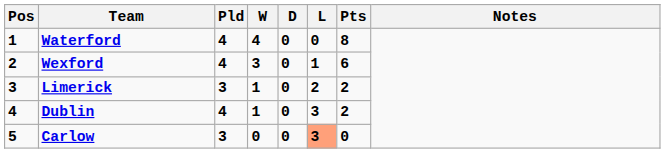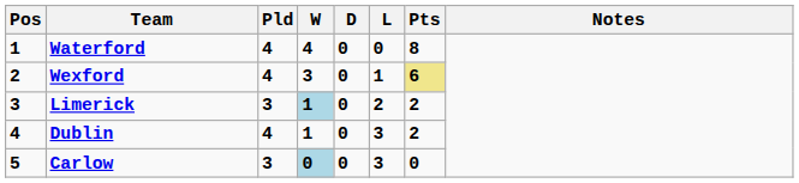 <table class="wikitable" style="text-align: centre;">
 <tr>
 <th width=20>Pos</th>
 <th width=150>Team</th>
 <th width=20>Pld</th>
 <th width=20>W</th>
 <th width=20>D</th>
 <th width=20>L</th>
 <th width=20>Pts</th>
 <th width=250>Notes</th>
 </tr>
 <tr style>
 <td><strong>1</strong></td>
 <td align=left><strong> <a href='#'>Waterford</a> </strong></td>
 <td><strong>4</strong></td>
 <td><strong>4</strong></td>
 <td><strong>0</strong></td>
 <td><strong>0</strong></td>
 <td><strong>8</strong></td>
 </tr>
 <tr style>
 <td><strong>2</strong></td>
 <td align=left><strong> <a href='#'>Wexford</a> </strong></td>
 <td><strong>4</strong></td>
 <td><strong>3</strong></td>
 <td><strong>0</strong></td>
 <td><strong>1</strong></td>
-<td><strong>6</strong></td>
+<td style="background: khaki;"><strong>6</strong></td>
 </tr>
 <tr>
 <td><strong>3</strong></td>
 <td align=left><strong> <a href='#'>Limerick</a> </strong></td>
 <td><strong>3</strong></td>
-<td><strong>1</strong></td>
+<td style="background: lightblue;"><strong>1</strong></td>
 <td><strong>0</strong></td>
 <td><strong>2</strong></td>
 <td><strong>2</strong></td>
 </tr>
 <tr style>
 <td><strong>4</strong></td>
 <td align=left><strong> <a href='#'>Dublin</a> </strong></td>
 <td><strong>4</strong></td>
 <td><strong>1</strong></td>
 <td><strong>0</strong></td>
 <td><strong>3</strong></td>
 <td><strong>2</strong></td>
 </tr>
 <tr>
 <td><strong>5</strong></td>
 <td align=left><strong> <a href='#'>Carlow</a> </strong></td>
 <td><strong>3</strong></td>
+<td style="background: lightblue;"><strong>0</strong></td>
 <td><strong>0</strong></td>
-<td><strong>0</strong></td>
-<td style="background: lightsalmon;"><strong>3</strong></td>
+<td><strong>3</strong></td>
 <td><strong>0</strong></td>
 </tr>
 </table>
